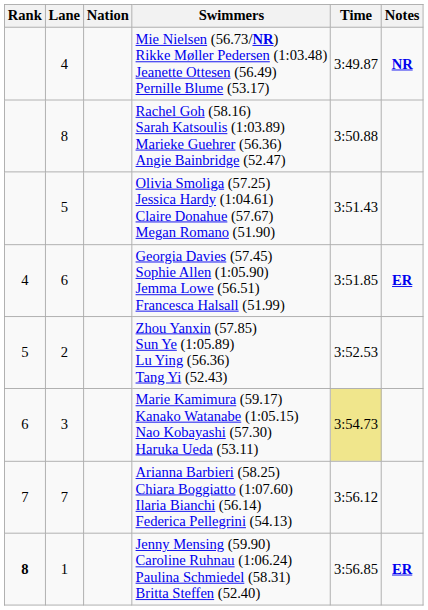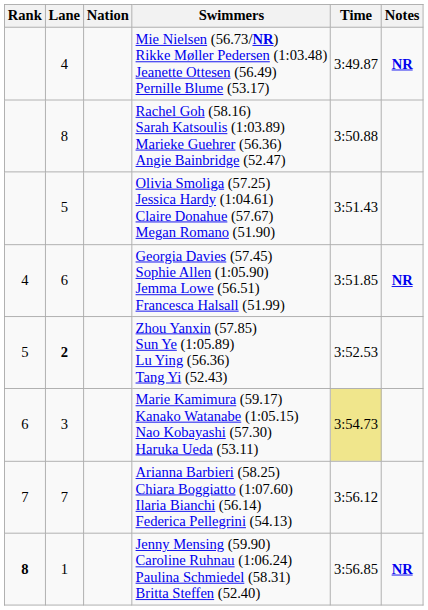 <table class="wikitable sortable" style="text-align:center">
 <tr>
 <th>Rank</th>
 <th>Lane</th>
 <th>Nation</th>
 <th>Swimmers</th>
 <th>Time</th>
 <th>Notes</th>
 </tr>
 <tr>
 <td></td>
 <td>4</td>
 <td align=left></td>
 <td align=left><a href='#'>Mie Nielsen</a> (56.73/<strong><a href='#'>NR</a></strong>)<br><a href='#'>Rikke Møller Pedersen</a> (1:03.48)<br><a href='#'>Jeanette Ottesen</a> (56.49)<br><a href='#'>Pernille Blume</a> (53.17)</td>
 <td>3:49.87</td>
 <td><strong><a href='#'>NR</a></strong></td>
 </tr>
 <tr>
 <td></td>
 <td>8</td>
 <td align=left></td>
 <td align=left><a href='#'>Rachel Goh</a> (58.16)<br><a href='#'>Sarah Katsoulis</a> (1:03.89)<br><a href='#'>Marieke Guehrer</a> (56.36)<br><a href='#'>Angie Bainbridge</a> (52.47)</td>
 <td>3:50.88</td>
 <td></td>
 </tr>
 <tr>
 <td></td>
 <td>5</td>
 <td align=left></td>
 <td align=left><a href='#'>Olivia Smoliga</a> (57.25)<br><a href='#'>Jessica Hardy</a> (1:04.61)<br><a href='#'>Claire Donahue</a> (57.67)<br><a href='#'>Megan Romano</a> (51.90)</td>
 <td>3:51.43</td>
 <td></td>
 </tr>
 <tr>
 <td>4</td>
 <td>6</td>
 <td align=left></td>
 <td align=left><a href='#'>Georgia Davies</a> (57.45)<br><a href='#'>Sophie Allen</a> (1:05.90)<br><a href='#'>Jemma Lowe</a> (56.51)<br><a href='#'>Francesca Halsall</a> (51.99)</td>
 <td>3:51.85</td>
-<td><strong><a href='#'>ER</a></strong></td>
+<td><strong><a href='#'>NR</a></strong></td>
 </tr>
 <tr>
 <td>5</td>
-<td>2</td>
+<td><strong>2</strong></td>
 <td align=left></td>
 <td align=left><a href='#'>Zhou Yanxin</a> (57.85)<br><a href='#'>Sun Ye</a> (1:05.89)<br><a href='#'>Lu Ying</a> (56.36)<br><a href='#'>Tang Yi</a> (52.43)</td>
 <td>3:52.53</td>
 <td></td>
 </tr>
 <tr>
 <td>6</td>
 <td>3</td>
 <td align=left></td>
 <td align=left><a href='#'>Marie Kamimura</a> (59.17)<br><a href='#'>Kanako Watanabe</a> (1:05.15)<br><a href='#'>Nao Kobayashi</a> (57.30)<br><a href='#'>Haruka Ueda</a> (53.11)</td>
 <td style="background: khaki;">3:54.73</td>
 <td></td>
 </tr>
 <tr>
 <td>7</td>
 <td>7</td>
 <td align=left></td>
 <td align=left><a href='#'>Arianna Barbieri</a> (58.25)<br><a href='#'>Chiara Boggiatto</a> (1:07.60)<br><a href='#'>Ilaria Bianchi</a> (56.14)<br><a href='#'>Federica Pellegrini</a> (54.13)</td>
 <td>3:56.12</td>
 <td></td>
 </tr>
 <tr>
 <td><strong>8</strong></td>
 <td>1</td>
 <td align=left></td>
 <td align=left><a href='#'>Jenny Mensing</a> (59.90)<br><a href='#'>Caroline Ruhnau</a> (1:06.24)<br><a href='#'>Paulina Schmiedel</a> (58.31)<br><a href='#'>Britta Steffen</a> (52.40)</td>
 <td>3:56.85</td>
-<td><strong><a href='#'>ER</a></strong></td>
+<td><strong><a href='#'>NR</a></strong></td>
 </tr>
 </table>
